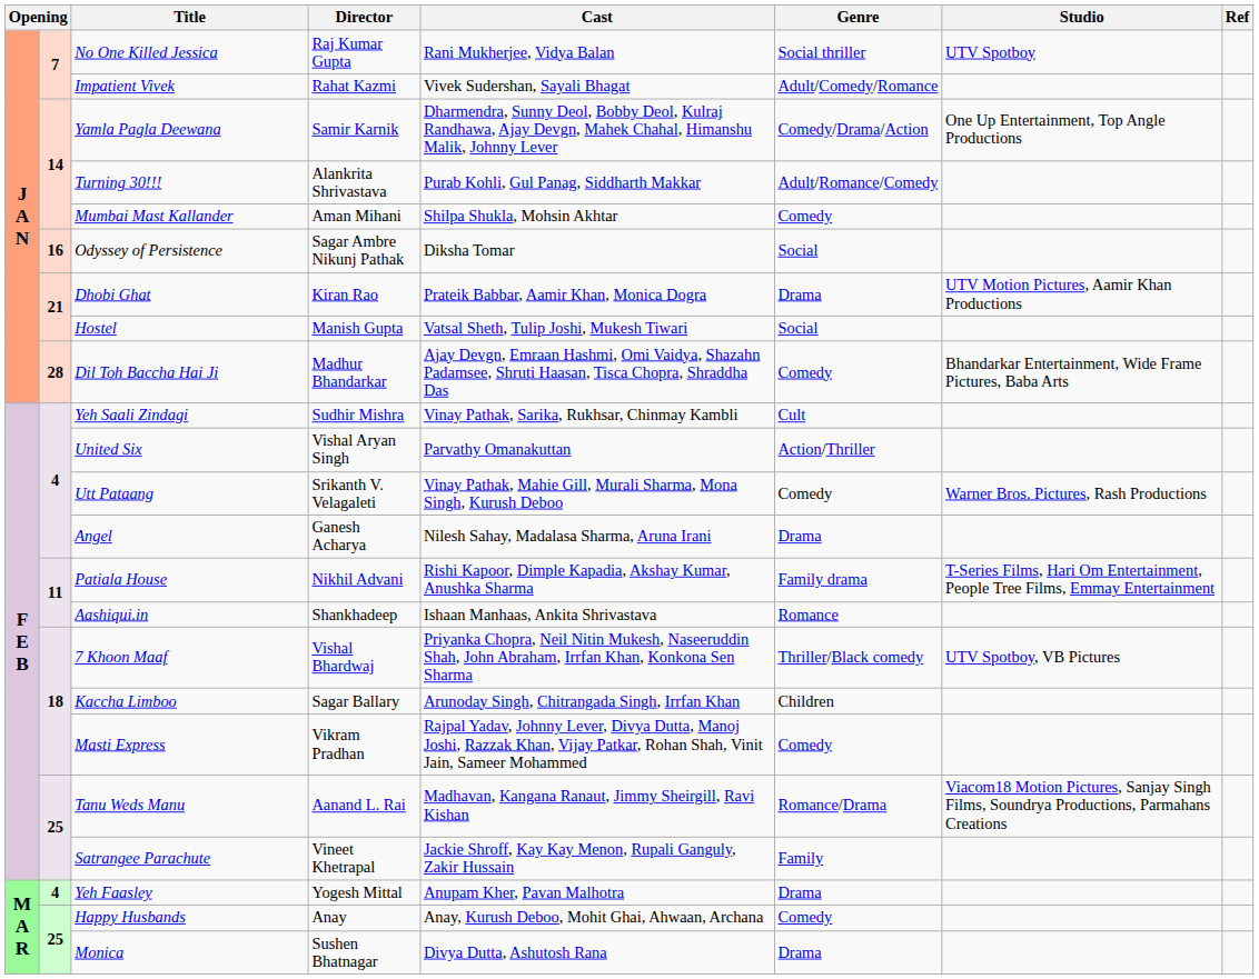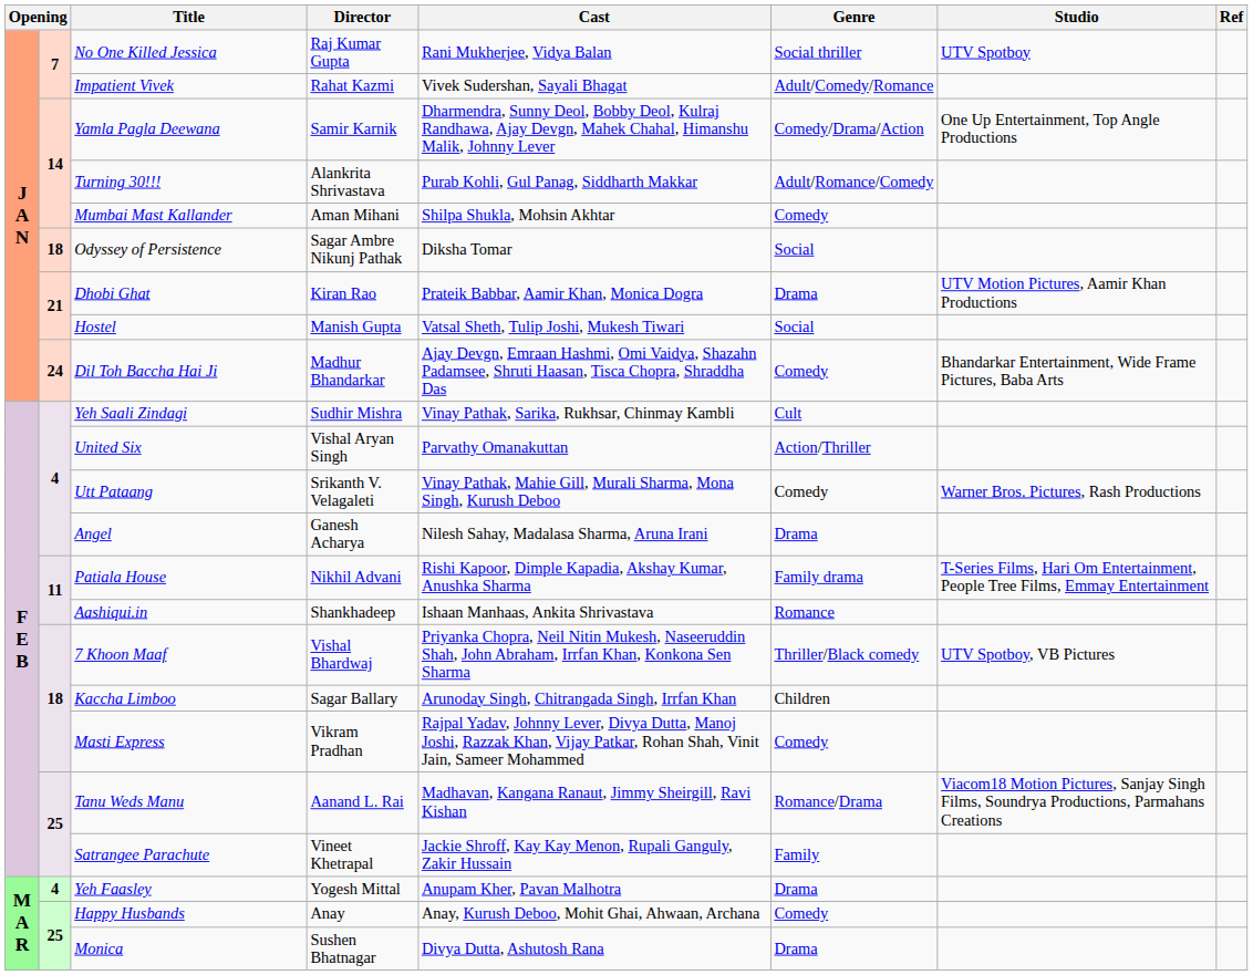 <table class="wikitable sortable">
 <tr style="background:#b0e0e66; text-align:center;">
 <th colspan="2">Opening</th>
 <th style="width:19%;">Title</th>
 <th>Director</th>
 <th>Cast</th>
 <th>Genre</th>
 <th>Studio</th>
 <th>Ref</th>
 </tr>
 <tr>
 <td rowspan="9"   style="text-align:center; background:#ffa07a; textcolor:#000;"><big><strong>J<br>A<br>N</strong></big></td>
 <td rowspan="2" style="text-align:center; background:#ffdacc; textcolor:#000;"><strong> 7</strong></td>
 <td><em><a href='#'>No One Killed Jessica</a></em></td>
 <td><a href='#'>Raj Kumar Gupta</a></td>
 <td><a href='#'>Rani Mukherjee</a>, <a href='#'>Vidya Balan</a></td>
 <td><a href='#'>Social thriller</a></td>
 <td><a href='#'>UTV Spotboy</a></td>
 <td></td>
 </tr>
 <tr>
 <td><em><a href='#'>Impatient Vivek</a></em></td>
 <td><a href='#'>Rahat Kazmi</a></td>
 <td>Vivek Sudershan, <a href='#'>Sayali Bhagat</a></td>
 <td><a href='#'>Adult</a>/<a href='#'>Comedy</a>/<a href='#'>Romance</a></td>
 <td></td>
 <td></td>
 </tr>
 <tr>
 <td rowspan="3" style="text-align:center; background:#ffdacc; textcolor:#000;"><strong>14</strong></td>
 <td><em><a href='#'>Yamla Pagla Deewana</a></em></td>
 <td><a href='#'>Samir Karnik</a></td>
 <td><a href='#'>Dharmendra</a>, <a href='#'>Sunny Deol</a>, <a href='#'>Bobby Deol</a>, <a href='#'>Kulraj Randhawa</a>, <a href='#'>Ajay Devgn</a>, <a href='#'>Mahek Chahal</a>, <a href='#'>Himanshu Malik</a>, <a href='#'>Johnny Lever</a></td>
 <td><a href='#'>Comedy</a>/<a href='#'>Drama</a>/<a href='#'>Action</a></td>
 <td>One Up Entertainment, Top Angle Productions</td>
 <td></td>
 </tr>
 <tr>
 <td><em><a href='#'>Turning 30!!!</a></em></td>
 <td>Alankrita Shrivastava</td>
 <td><a href='#'>Purab Kohli</a>, <a href='#'>Gul Panag</a>, <a href='#'>Siddharth Makkar</a></td>
 <td><a href='#'>Adult</a>/<a href='#'>Romance</a>/<a href='#'>Comedy</a></td>
 <td></td>
 <td></td>
 </tr>
 <tr>
 <td><em><a href='#'>Mumbai Mast Kallander</a></em></td>
 <td>Aman Mihani</td>
 <td><a href='#'>Shilpa Shukla</a>, Mohsin Akhtar</td>
 <td><a href='#'>Comedy</a></td>
 <td></td>
 <td></td>
 </tr>
 <tr>
-<td style="text-align:center; background:#ffdacc; textcolor:#000;"><strong>16</strong></td>
+<td style="text-align:center; background:#ffdacc; textcolor:#000;"><strong>18</strong></td>
 <td><em>Odyssey of Persistence</em></td>
 <td>Sagar Ambre <br> Nikunj Pathak</td>
 <td>Diksha Tomar</td>
 <td><a href='#'>Social</a></td>
 <td></td>
 <td></td>
 </tr>
 <tr>
 <td rowspan="2" style="text-align:center; background:#ffdacc; textcolor:#000;"><strong>21</strong></td>
 <td><em><a href='#'>Dhobi Ghat</a></em></td>
 <td><a href='#'>Kiran Rao</a></td>
 <td><a href='#'>Prateik Babbar</a>, <a href='#'>Aamir Khan</a>, <a href='#'>Monica Dogra</a></td>
 <td><a href='#'>Drama</a></td>
 <td><a href='#'>UTV Motion Pictures</a>, Aamir Khan Productions</td>
 <td></td>
 </tr>
 <tr>
 <td><em><a href='#'>Hostel</a></em></td>
 <td><a href='#'>Manish Gupta</a></td>
 <td><a href='#'>Vatsal Sheth</a>, <a href='#'>Tulip Joshi</a>, <a href='#'>Mukesh Tiwari</a></td>
 <td><a href='#'>Social</a></td>
 <td></td>
 <td></td>
 </tr>
 <tr>
-<td style="text-align:center; background:#ffdacc; textcolor:#000;"><strong>28</strong></td>
+<td style="text-align:center; background:#ffdacc; textcolor:#000;"><strong>24</strong></td>
 <td><em><a href='#'>Dil Toh Baccha Hai Ji</a></em></td>
 <td><a href='#'>Madhur Bhandarkar</a></td>
 <td><a href='#'>Ajay Devgn</a>, <a href='#'>Emraan Hashmi</a>, <a href='#'>Omi Vaidya</a>, <a href='#'>Shazahn Padamsee</a>, <a href='#'>Shruti Haasan</a>, <a href='#'>Tisca Chopra</a>, <a href='#'>Shraddha Das</a></td>
 <td><a href='#'>Comedy</a></td>
 <td>Bhandarkar Entertainment, Wide Frame Pictures, Baba Arts</td>
 <td></td>
 </tr>
 <tr>
 <td rowspan="11"   style="text-align:center; background:#dcc7df; textcolor:#000;"><big><strong>F<br>E<br>B</strong></big></td>
 <td rowspan="4" style="text-align:center; background:#ede3ef; textcolor:#000;"><strong>4</strong></td>
 <td><em><a href='#'>Yeh Saali Zindagi</a></em></td>
 <td><a href='#'>Sudhir Mishra</a></td>
 <td><a href='#'>Vinay Pathak</a>, <a href='#'>Sarika</a>, Rukhsar, Chinmay Kambli</td>
 <td><a href='#'>Cult</a></td>
 <td></td>
 <td></td>
 </tr>
 <tr>
 <td><em><a href='#'>United Six</a></em></td>
 <td>Vishal Aryan Singh</td>
 <td><a href='#'>Parvathy Omanakuttan</a></td>
 <td><a href='#'>Action</a>/<a href='#'>Thriller</a></td>
 <td></td>
 <td></td>
 </tr>
 <tr>
 <td><em><a href='#'>Utt Pataang</a></em></td>
 <td>Srikanth V. Velagaleti</td>
 <td><a href='#'>Vinay Pathak</a>, <a href='#'>Mahie Gill</a>, <a href='#'>Murali Sharma</a>, <a href='#'>Mona Singh</a>, <a href='#'>Kurush Deboo</a></td>
 <td>Comedy</td>
 <td><a href='#'>Warner Bros. Pictures</a>, Rash Productions</td>
 <td></td>
 </tr>
 <tr>
 <td><em><a href='#'>Angel</a></em></td>
 <td>Ganesh Acharya</td>
 <td>Nilesh Sahay, Madalasa Sharma, <a href='#'>Aruna Irani</a></td>
 <td><a href='#'>Drama</a></td>
 <td></td>
 <td></td>
 </tr>
 <tr>
 <td rowspan="2" style="text-align:center; background:#ede3ef; textcolor:#000;"><strong>11</strong></td>
 <td><em><a href='#'>Patiala House</a></em></td>
 <td><a href='#'>Nikhil Advani</a></td>
 <td><a href='#'>Rishi Kapoor</a>, <a href='#'>Dimple Kapadia</a>, <a href='#'>Akshay Kumar</a>, <a href='#'>Anushka Sharma</a></td>
 <td><a href='#'>Family drama</a></td>
 <td><a href='#'>T-Series Films</a>, <a href='#'>Hari Om Entertainment</a>, People Tree Films, <a href='#'>Emmay Entertainment</a></td>
 <td></td>
 </tr>
 <tr>
 <td><em><a href='#'>Aashiqui.in</a></em></td>
 <td>Shankhadeep</td>
 <td>Ishaan Manhaas, Ankita Shrivastava</td>
 <td><a href='#'>Romance</a></td>
 <td></td>
 <td></td>
 </tr>
 <tr>
 <td rowspan="3" style="text-align:center; background:#ede3ef; textcolor:#000;"><strong>18</strong></td>
 <td><em><a href='#'>7 Khoon Maaf</a></em></td>
 <td><a href='#'>Vishal Bhardwaj</a></td>
 <td><a href='#'>Priyanka Chopra</a>, <a href='#'>Neil Nitin Mukesh</a>, <a href='#'>Naseeruddin Shah</a>, <a href='#'>John Abraham</a>, <a href='#'>Irrfan Khan</a>, <a href='#'>Konkona Sen Sharma</a></td>
 <td><a href='#'>Thriller</a>/<a href='#'>Black comedy</a></td>
 <td><a href='#'>UTV Spotboy</a>, VB Pictures</td>
 <td></td>
 </tr>
 <tr>
 <td><em><a href='#'>Kaccha Limboo</a></em></td>
 <td>Sagar Ballary</td>
 <td><a href='#'>Arunoday Singh</a>, <a href='#'>Chitrangada Singh</a>, <a href='#'>Irrfan Khan</a></td>
 <td>Children</td>
 <td></td>
 <td></td>
 </tr>
 <tr>
 <td><em><a href='#'>Masti Express</a></em></td>
 <td>Vikram Pradhan</td>
 <td><a href='#'>Rajpal Yadav</a>, <a href='#'>Johnny Lever</a>, <a href='#'>Divya Dutta</a>, <a href='#'>Manoj Joshi</a>, <a href='#'>Razzak Khan</a>, <a href='#'>Vijay Patkar</a>, Rohan Shah, Vinit Jain, Sameer Mohammed</td>
 <td><a href='#'>Comedy</a></td>
 <td></td>
 <td></td>
 </tr>
 <tr>
 <td rowspan="2" style="text-align:center; background:#ede3ef; textcolor:#000;"><strong>25</strong></td>
 <td><em><a href='#'>Tanu Weds Manu</a></em></td>
 <td><a href='#'>Aanand L. Rai</a></td>
 <td><a href='#'>Madhavan</a>, <a href='#'>Kangana Ranaut</a>, <a href='#'>Jimmy Sheirgill</a>, <a href='#'>Ravi Kishan</a></td>
 <td><a href='#'>Romance</a>/<a href='#'>Drama</a></td>
 <td><a href='#'>Viacom18 Motion Pictures</a>, Sanjay Singh Films, Soundrya Productions, Parmahans Creations</td>
 <td></td>
 </tr>
 <tr>
 <td><em><a href='#'>Satrangee Parachute</a></em></td>
 <td>Vineet Khetrapal</td>
 <td><a href='#'>Jackie Shroff</a>, <a href='#'>Kay Kay Menon</a>, <a href='#'>Rupali Ganguly</a>, <a href='#'>Zakir Hussain</a></td>
 <td><a href='#'>Family</a></td>
 <td></td>
 <td></td>
 </tr>
 <tr>
 <td rowspan="3"   style="text-align:center; background:#98fb98; textcolor:#000;"><big><strong>M<br>A<br>R</strong></big></td>
 <td style="text-align:center; background:#cdfecd; textcolor:#000;"><strong>4</strong></td>
 <td><em><a href='#'>Yeh Faasley</a></em></td>
 <td>Yogesh Mittal</td>
 <td><a href='#'>Anupam Kher</a>, <a href='#'>Pavan Malhotra</a></td>
 <td><a href='#'>Drama</a></td>
 <td></td>
 <td></td>
 </tr>
 <tr>
 <td rowspan="2" style="text-align:center; background:#cdfecd; textcolor:#000;"><strong>25</strong></td>
 <td><em><a href='#'>Happy Husbands</a></em></td>
 <td>Anay</td>
 <td>Anay, <a href='#'>Kurush Deboo</a>, Mohit Ghai, Ahwaan, Archana</td>
 <td><a href='#'>Comedy</a></td>
 <td></td>
 <td></td>
 </tr>
 <tr>
 <td><em><a href='#'>Monica</a></em></td>
 <td>Sushen Bhatnagar</td>
 <td><a href='#'>Divya Dutta</a>, <a href='#'>Ashutosh Rana</a></td>
 <td><a href='#'>Drama</a></td>
 <td></td>
 <td></td>
 </tr>
 </table>
